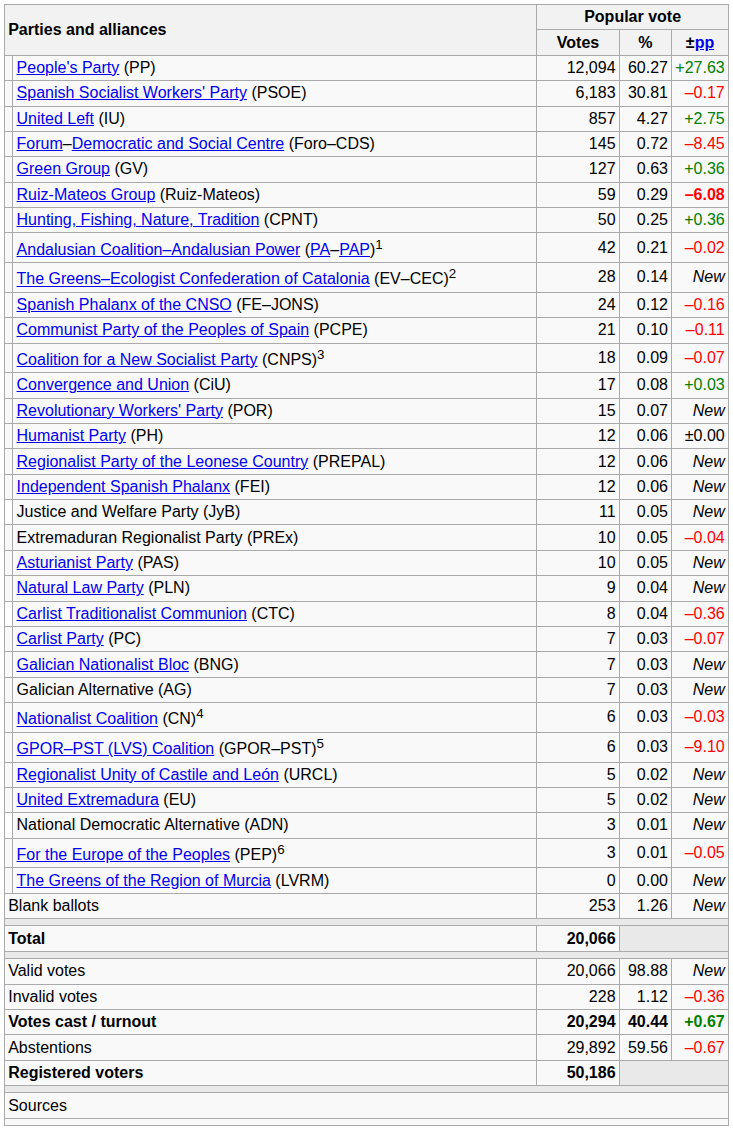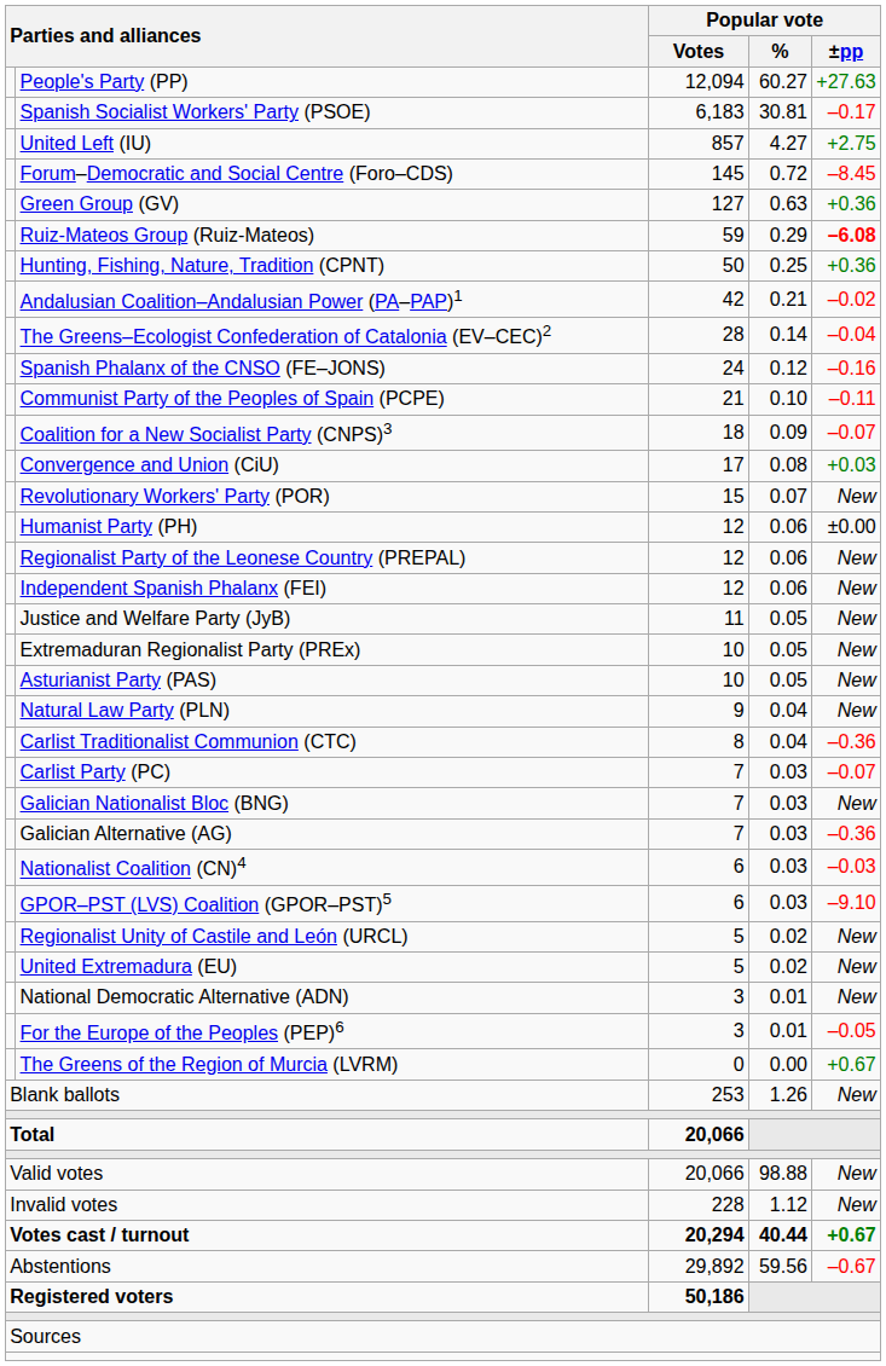 <table class="wikitable" style="text-align:right">
 <tr>
 <th style="text-align:left;" rowspan="2" colspan="2" width="525">Parties and alliances</th>
 <th colspan="3">Popular vote</th>
 </tr>
 <tr>
 <th width="75">Votes</th>
 <th width="45">%</th>
 <th width="45">±<a href='#'>pp</a></th>
 </tr>
 <tr>
 <td width="1" style="color:inherit;background:"></td>
 <td align="left"><a href='#'>People's Party</a> (PP)</td>
 <td>12,094</td>
 <td>60.27</td>
 <td style="color:green;">+27.63</td>
 </tr>
 <tr>
 <td style="color:inherit;background:"></td>
 <td align="left"><a href='#'>Spanish Socialist Workers' Party</a> (PSOE)</td>
 <td>6,183</td>
 <td>30.81</td>
 <td style="color:red;">–0.17</td>
 </tr>
 <tr>
 <td style="color:inherit;background:"></td>
 <td align="left"><a href='#'>United Left</a> (IU)</td>
 <td>857</td>
 <td>4.27</td>
 <td style="color:green;">+2.75</td>
 </tr>
 <tr>
 <td style="color:inherit;background:"></td>
 <td align="left"><a href='#'>Forum</a>–<a href='#'>Democratic and Social Centre</a> (Foro–CDS)</td>
 <td>145</td>
 <td>0.72</td>
 <td style="color:red;">–8.45</td>
 </tr>
 <tr>
 <td style="color:inherit;background:"></td>
 <td align="left"><a href='#'>Green Group</a> (GV)</td>
 <td>127</td>
 <td>0.63</td>
 <td style="color:green;">+0.36</td>
 </tr>
 <tr>
 <td style="color:inherit;background:"></td>
 <td align="left"><a href='#'>Ruiz-Mateos Group</a> (Ruiz-Mateos)</td>
 <td>59</td>
 <td>0.29</td>
 <td style="color:red;"><strong>–6.08</strong></td>
 </tr>
 <tr>
 <td style="color:inherit;background:"></td>
 <td align="left"><a href='#'>Hunting, Fishing, Nature, Tradition</a> (CPNT)</td>
 <td>50</td>
 <td>0.25</td>
 <td style="color:green;">+0.36</td>
 </tr>
 <tr>
 <td style="color:inherit;background:"></td>
 <td align="left"><a href='#'>Andalusian Coalition–Andalusian Power</a> (<a href='#'>PA</a>–<a href='#'>PAP</a>)<sup>1</sup></td>
 <td>42</td>
 <td>0.21</td>
 <td style="color:red;">–0.02</td>
 </tr>
 <tr>
 <td style="color:inherit;background:"></td>
 <td align="left"><a href='#'>The Greens–Ecologist Confederation of Catalonia</a> (EV–CEC)<sup>2</sup></td>
 <td>28</td>
 <td>0.14</td>
-<td><em>New</em></td>
+<td style="color:red;">–0.04</td>
 </tr>
 <tr>
 <td style="color:inherit;background:"></td>
 <td align="left"><a href='#'>Spanish Phalanx of the CNSO</a> (FE–JONS)</td>
 <td>24</td>
 <td>0.12</td>
 <td style="color:red;">–0.16</td>
 </tr>
 <tr>
 <td style="color:inherit;background:"></td>
 <td align="left"><a href='#'>Communist Party of the Peoples of Spain</a> (PCPE)</td>
 <td>21</td>
 <td>0.10</td>
 <td style="color:red;">–0.11</td>
 </tr>
 <tr>
 <td style="color:inherit;background:"></td>
 <td align="left"><a href='#'>Coalition for a New Socialist Party</a> (CNPS)<sup>3</sup></td>
 <td>18</td>
 <td>0.09</td>
 <td style="color:red;">–0.07</td>
 </tr>
 <tr>
 <td style="color:inherit;background:"></td>
 <td align="left"><a href='#'>Convergence and Union</a> (CiU)</td>
 <td>17</td>
 <td>0.08</td>
 <td style="color:green;">+0.03</td>
 </tr>
 <tr>
 <td style="color:inherit;background:"></td>
 <td align="left"><a href='#'>Revolutionary Workers' Party</a> (POR)</td>
 <td>15</td>
 <td>0.07</td>
 <td><em>New</em></td>
 </tr>
 <tr>
 <td style="color:inherit;background:"></td>
 <td align="left"><a href='#'>Humanist Party</a> (PH)</td>
 <td>12</td>
 <td>0.06</td>
 <td>±0.00</td>
 </tr>
 <tr>
 <td style="color:inherit;background:"></td>
 <td align="left"><a href='#'>Regionalist Party of the Leonese Country</a> (PREPAL)</td>
 <td>12</td>
 <td>0.06</td>
 <td><em>New</em></td>
 </tr>
 <tr>
 <td style="color:inherit;background:"></td>
 <td align="left"><a href='#'>Independent Spanish Phalanx</a> (FEI)</td>
 <td>12</td>
 <td>0.06</td>
 <td><em>New</em></td>
 </tr>
 <tr>
 <td bgcolor="white"></td>
 <td align="left">Justice and Welfare Party (JyB)</td>
 <td>11</td>
 <td>0.05</td>
 <td><em>New</em></td>
 </tr>
 <tr>
 <td style="color:inherit;background:"></td>
 <td align="left">Extremaduran Regionalist Party (PREx)</td>
 <td>10</td>
 <td>0.05</td>
-<td style="color:red;">–0.04</td>
+<td><em>New</em></td>
 </tr>
 <tr>
 <td style="color:inherit;background:"></td>
 <td align="left"><a href='#'>Asturianist Party</a> (PAS)</td>
 <td>10</td>
 <td>0.05</td>
 <td><em>New</em></td>
 </tr>
 <tr>
 <td style="color:inherit;background:"></td>
 <td align="left"><a href='#'>Natural Law Party</a> (PLN)</td>
 <td>9</td>
 <td>0.04</td>
 <td><em>New</em></td>
 </tr>
 <tr>
 <td bgcolor="white"></td>
 <td align="left"><a href='#'>Carlist Traditionalist Communion</a> (CTC)</td>
 <td>8</td>
 <td>0.04</td>
 <td style="color:red;">–0.36</td>
 </tr>
 <tr>
 <td style="color:inherit;background:"></td>
 <td align="left"><a href='#'>Carlist Party</a> (PC)</td>
 <td>7</td>
 <td>0.03</td>
 <td style="color:red;">–0.07</td>
 </tr>
 <tr>
 <td style="color:inherit;background:"></td>
 <td align="left"><a href='#'>Galician Nationalist Bloc</a> (BNG)</td>
 <td>7</td>
 <td>0.03</td>
 <td><em>New</em></td>
 </tr>
 <tr>
 <td style="color:inherit;background:"></td>
 <td align="left">Galician Alternative (AG)</td>
 <td>7</td>
 <td>0.03</td>
-<td><em>New</em></td>
+<td style="color:red;">–0.36</td>
 </tr>
 <tr>
 <td style="color:inherit;background:"></td>
 <td align="left"><a href='#'>Nationalist Coalition</a> (CN)<sup>4</sup></td>
 <td>6</td>
 <td>0.03</td>
 <td style="color:red;">–0.03</td>
 </tr>
 <tr>
 <td style="color:inherit;background:"></td>
 <td align="left"><a href='#'>GPOR–PST (LVS) Coalition</a> (GPOR–PST)<sup>5</sup></td>
 <td>6</td>
 <td>0.03</td>
 <td style="color:red;">–9.10</td>
 </tr>
 <tr>
 <td style="color:inherit;background:"></td>
 <td align="left"><a href='#'>Regionalist Unity of Castile and León</a> (URCL)</td>
 <td>5</td>
 <td>0.02</td>
 <td><em>New</em></td>
 </tr>
 <tr>
 <td style="color:inherit;background:"></td>
 <td align="left"><a href='#'>United Extremadura</a> (EU)</td>
 <td>5</td>
 <td>0.02</td>
 <td><em>New</em></td>
 </tr>
 <tr>
 <td bgcolor="white"></td>
 <td align="left">National Democratic Alternative (ADN)</td>
 <td>3</td>
 <td>0.01</td>
 <td><em>New</em></td>
 </tr>
 <tr>
 <td style="color:inherit;background:"></td>
 <td align="left"><a href='#'>For the Europe of the Peoples</a> (PEP)<sup>6</sup></td>
 <td>3</td>
 <td>0.01</td>
 <td style="color:red;">–0.05</td>
 </tr>
 <tr>
 <td style="color:inherit;background:"></td>
 <td align="left"><a href='#'>The Greens of the Region of Murcia</a> (LVRM)</td>
 <td>0</td>
 <td>0.00</td>
-<td><em>New</em></td>
+<td style="color:green;">+0.67</td>
 </tr>
 <tr>
 <td align="left" colspan="2">Blank ballots</td>
 <td>253</td>
 <td>1.26</td>
 <td><em>New</em></td>
 </tr>
 <tr>
 <td colspan="5" bgcolor="#E9E9E9"></td>
 </tr>
 <tr style="font-weight:bold;">
 <td align="left" colspan="2">Total</td>
 <td>20,066</td>
 <td bgcolor="#E9E9E9" colspan="2"></td>
 </tr>
 <tr>
 <td colspan="5" bgcolor="#E9E9E9"></td>
 </tr>
 <tr>
 <td align="left" colspan="2">Valid votes</td>
 <td>20,066</td>
 <td>98.88</td>
 <td><em>New</em></td>
 </tr>
 <tr>
 <td align="left" colspan="2">Invalid votes</td>
 <td>228</td>
 <td>1.12</td>
-<td style="color:red;">–0.36</td>
+<td><em>New</em></td>
 </tr>
 <tr style="font-weight:bold;">
 <td align="left" colspan="2">Votes cast / turnout</td>
 <td>20,294</td>
 <td>40.44</td>
 <td style="color:green;">+0.67</td>
 </tr>
 <tr>
 <td align="left" colspan="2">Abstentions</td>
 <td>29,892</td>
 <td>59.56</td>
 <td style="color:red;">–0.67</td>
 </tr>
 <tr style="font-weight:bold;">
 <td align="left" colspan="2">Registered voters</td>
 <td>50,186</td>
 <td bgcolor="#E9E9E9" colspan="2"></td>
 </tr>
 <tr>
 <td colspan="5" bgcolor="#E9E9E9"></td>
 </tr>
 <tr>
 <td align="left" colspan="5">Sources</td>
 </tr>
 <tr>
 <td colspan="5" style="text-align:left; max-width:680px;"></td>
 </tr>
 </table>
